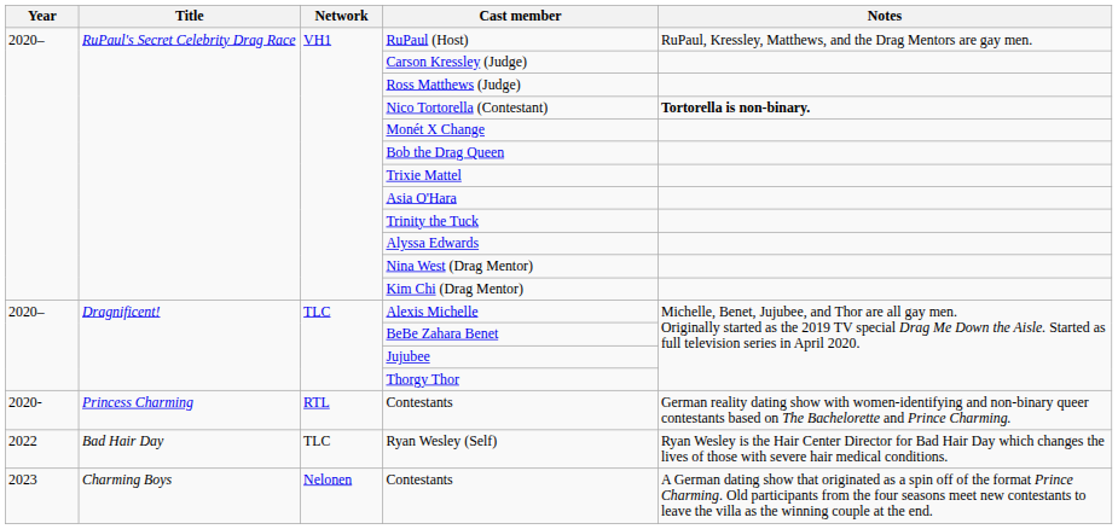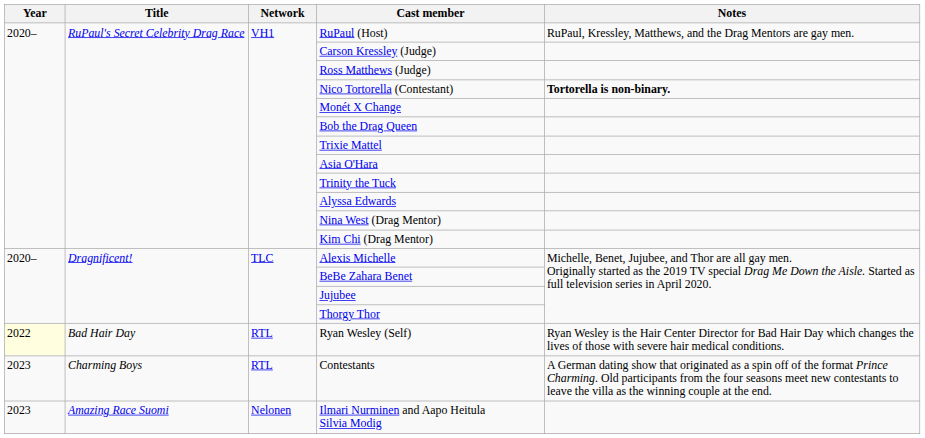 <table class="sortable wikitable" style="margins:auto; width=95%;">
 <tr>
 <th width="75">Year</th>
 <th style="width:240px;">Title</th>
 <th width="85">Network</th>
 <th style="width:300px;">Cast member</th>
 <th style="width:500px;" class="unsortable">Notes</th>
 </tr>
 <tr valign="top">
 <td rowspan="12">2020–</td>
 <td rowspan="12"><em><a href='#'>RuPaul's Secret Celebrity Drag Race</a></em></td>
 <td rowspan="12"><a href='#'>VH1</a></td>
 <td><a href='#'>RuPaul</a> (Host)</td>
 <td>RuPaul, Kressley, Matthews, and the Drag Mentors are gay men.</td>
 </tr>
 <tr>
 <td><a href='#'>Carson Kressley</a> (Judge)</td>
 <td></td>
 </tr>
 <tr>
 <td><a href='#'>Ross Matthews</a> (Judge)</td>
 <td></td>
 </tr>
 <tr>
 <td><a href='#'>Nico Tortorella</a> (Contestant)</td>
 <td><strong>Tortorella is non-binary.</strong></td>
 </tr>
 <tr>
 <td><a href='#'>Monét X Change</a></td>
 <td></td>
 </tr>
 <tr>
 <td><a href='#'>Bob the Drag Queen</a></td>
 <td></td>
 </tr>
 <tr>
 <td><a href='#'>Trixie Mattel</a></td>
 <td></td>
 </tr>
 <tr>
 <td><a href='#'>Asia O'Hara</a></td>
 <td></td>
 </tr>
 <tr>
 <td><a href='#'>Trinity the Tuck</a></td>
 <td></td>
 </tr>
 <tr>
 <td><a href='#'>Alyssa Edwards</a></td>
 <td></td>
 </tr>
 <tr>
 <td><a href='#'>Nina West</a> (Drag Mentor)</td>
 <td></td>
 </tr>
 <tr>
 <td><a href='#'>Kim Chi</a> (Drag Mentor)</td>
 <td></td>
 </tr>
 <tr valign="top">
 <td rowspan="4">2020–</td>
 <td rowspan="4"><em><a href='#'>Dragnificent!</a></em></td>
 <td rowspan="4"><a href='#'>TLC</a></td>
 <td><a href='#'>Alexis Michelle</a></td>
 <td rowspan="4">Michelle, Benet, Jujubee, and Thor are all gay men. <br> Originally started as the 2019 TV special <em>Drag Me Down the Aisle.</em> Started as full television series in April 2020.</td>
 </tr>
 <tr>
 <td><a href='#'>BeBe Zahara Benet</a></td>
 </tr>
 <tr>
 <td><a href='#'>Jujubee</a></td>
 </tr>
 <tr>
 <td><a href='#'>Thorgy Thor</a></td>
 </tr>
 <tr valign="top">
-<td>2020-</td>
-<td><em><a href='#'>Princess Charming</a></em></td>
+<td style="background: lightyellow;">2022</td>
+<td><em>Bad Hair Day</em></td>
 <td><a href='#'>RTL</a></td>
-<td>Contestants</td>
-<td>German reality dating show with women-identifying and non-binary queer contestants based on <em>The Bachelorette</em> and <em>Prince Charming.</em></td>
-</tr>
-<tr valign="top">
-<td>2022</td>
-<td><em>Bad Hair Day</em></td>
-<td>TLC</td>
 <td>Ryan Wesley (Self)</td>
 <td>Ryan Wesley is the Hair Center Director for Bad Hair Day which changes the lives of those with severe hair medical conditions.</td>
 </tr>
 <tr valign="top">
 <td>2023</td>
 <td><em>Charming Boys</em></td>
-<td><a href='#'>Nelonen</a></td>
+<td><a href='#'>RTL</a></td>
 <td>Contestants</td>
 <td>A German dating show that originated as a spin off of the format <em>Prince Charming</em>. Old participants from the four seasons meet new contestants to leave the villa as the winning couple at the end.</td>
 </tr>
+<tr valign="top">
+<td>2023</td>
+<td><em><a href='#'>Amazing Race Suomi</a></em></td>
+<td><a href='#'>Nelonen</a></td>
+<td><a href='#'>Ilmari Nurminen</a> and Aapo Heitula<br><a href='#'>Silvia Modig</a></td>
+<td></td>
+</tr>
 </table>
